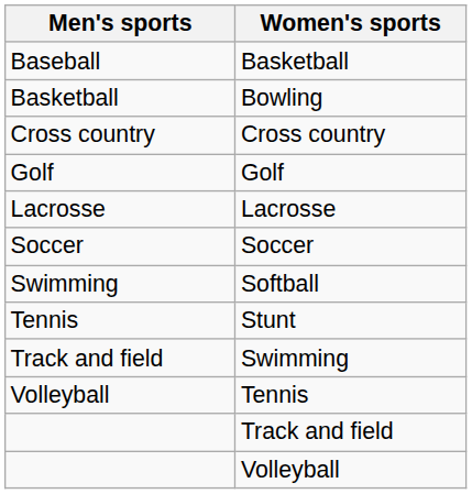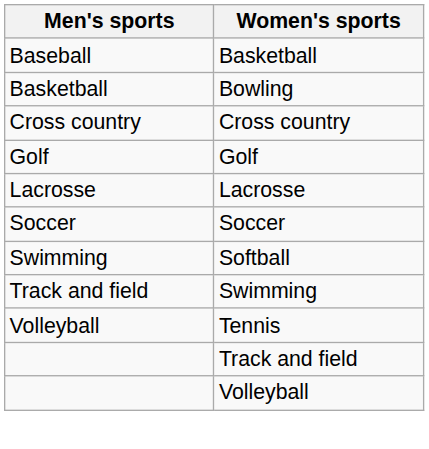 <table class="wikitable"; style= "text-align: ">
 <tr>
 <th width=150px>Men's sports</th>
 <th width=150px>Women's sports</th>
 </tr>
 <tr>
 <td>Baseball</td>
 <td>Basketball</td>
 </tr>
 <tr>
 <td>Basketball</td>
 <td>Bowling</td>
 </tr>
 <tr>
 <td>Cross country</td>
 <td>Cross country</td>
 </tr>
 <tr>
 <td>Golf</td>
 <td>Golf</td>
 </tr>
 <tr>
 <td>Lacrosse</td>
 <td>Lacrosse</td>
 </tr>
 <tr>
 <td>Soccer</td>
 <td>Soccer</td>
 </tr>
 <tr>
 <td>Swimming</td>
 <td>Softball</td>
 </tr>
 <tr>
-<td>Tennis</td>
-<td>Stunt</td>
-</tr>
-<tr>
 <td>Track and field</td>
 <td>Swimming</td>
 </tr>
 <tr>
 <td>Volleyball</td>
 <td>Tennis</td>
 </tr>
 <tr>
 <td></td>
 <td>Track and field</td>
 </tr>
 <tr>
 <td></td>
 <td>Volleyball</td>
 </tr>
 </table>
